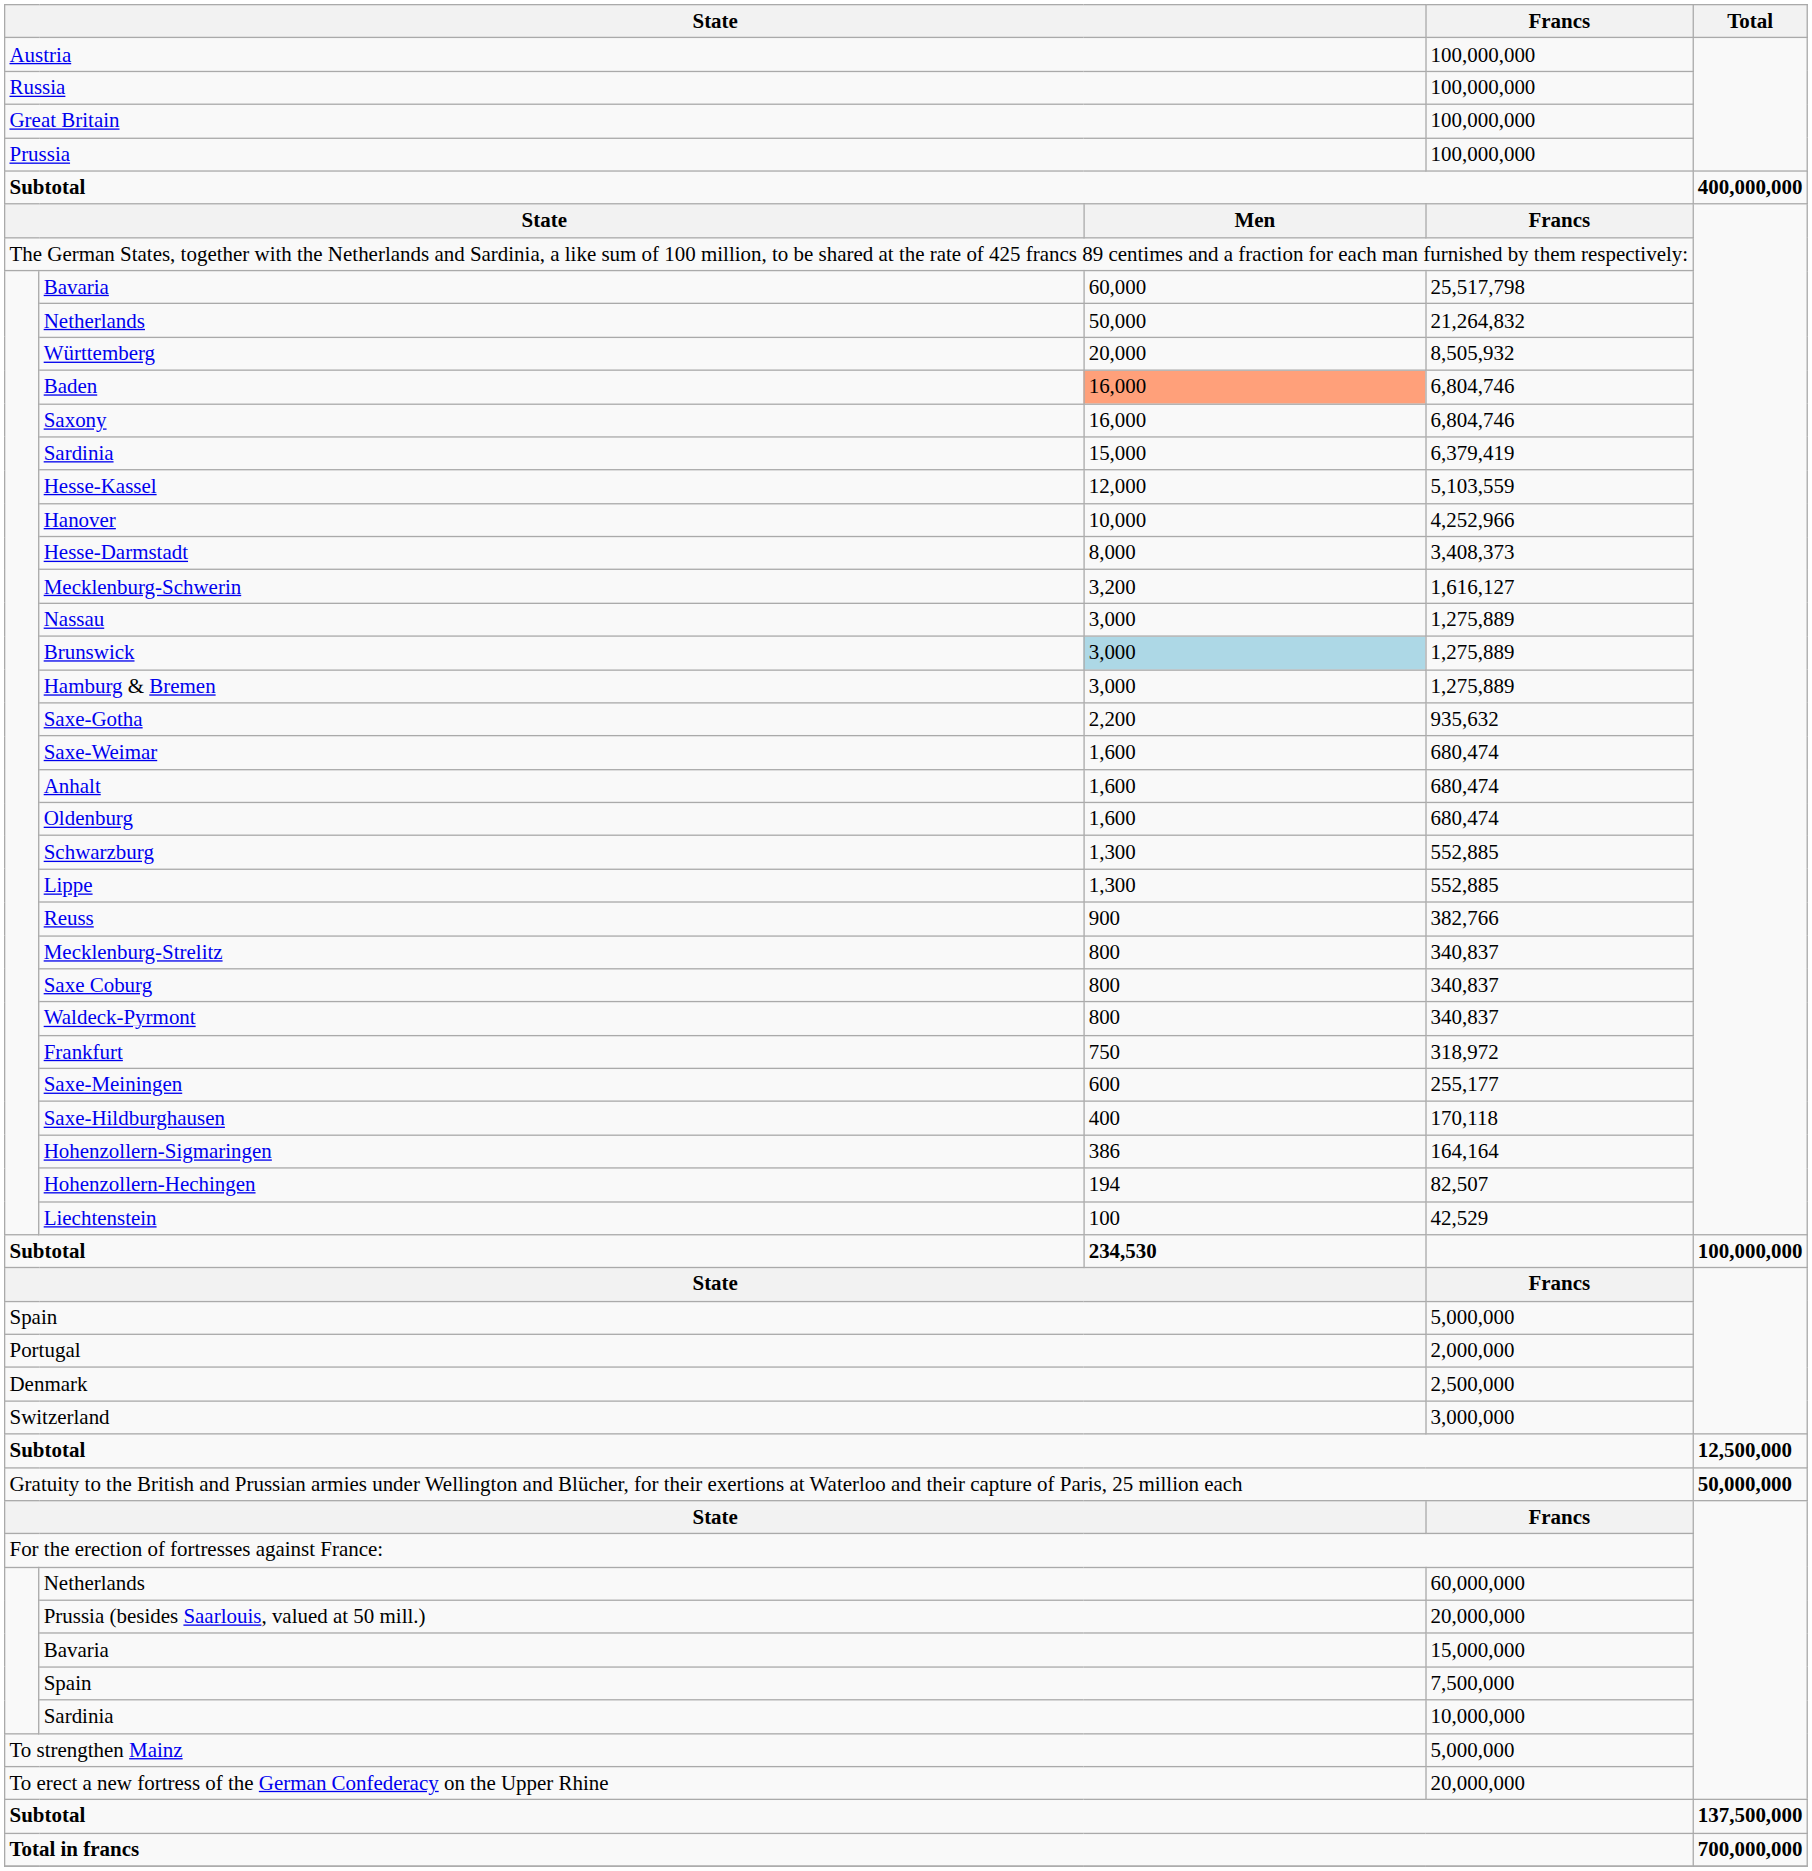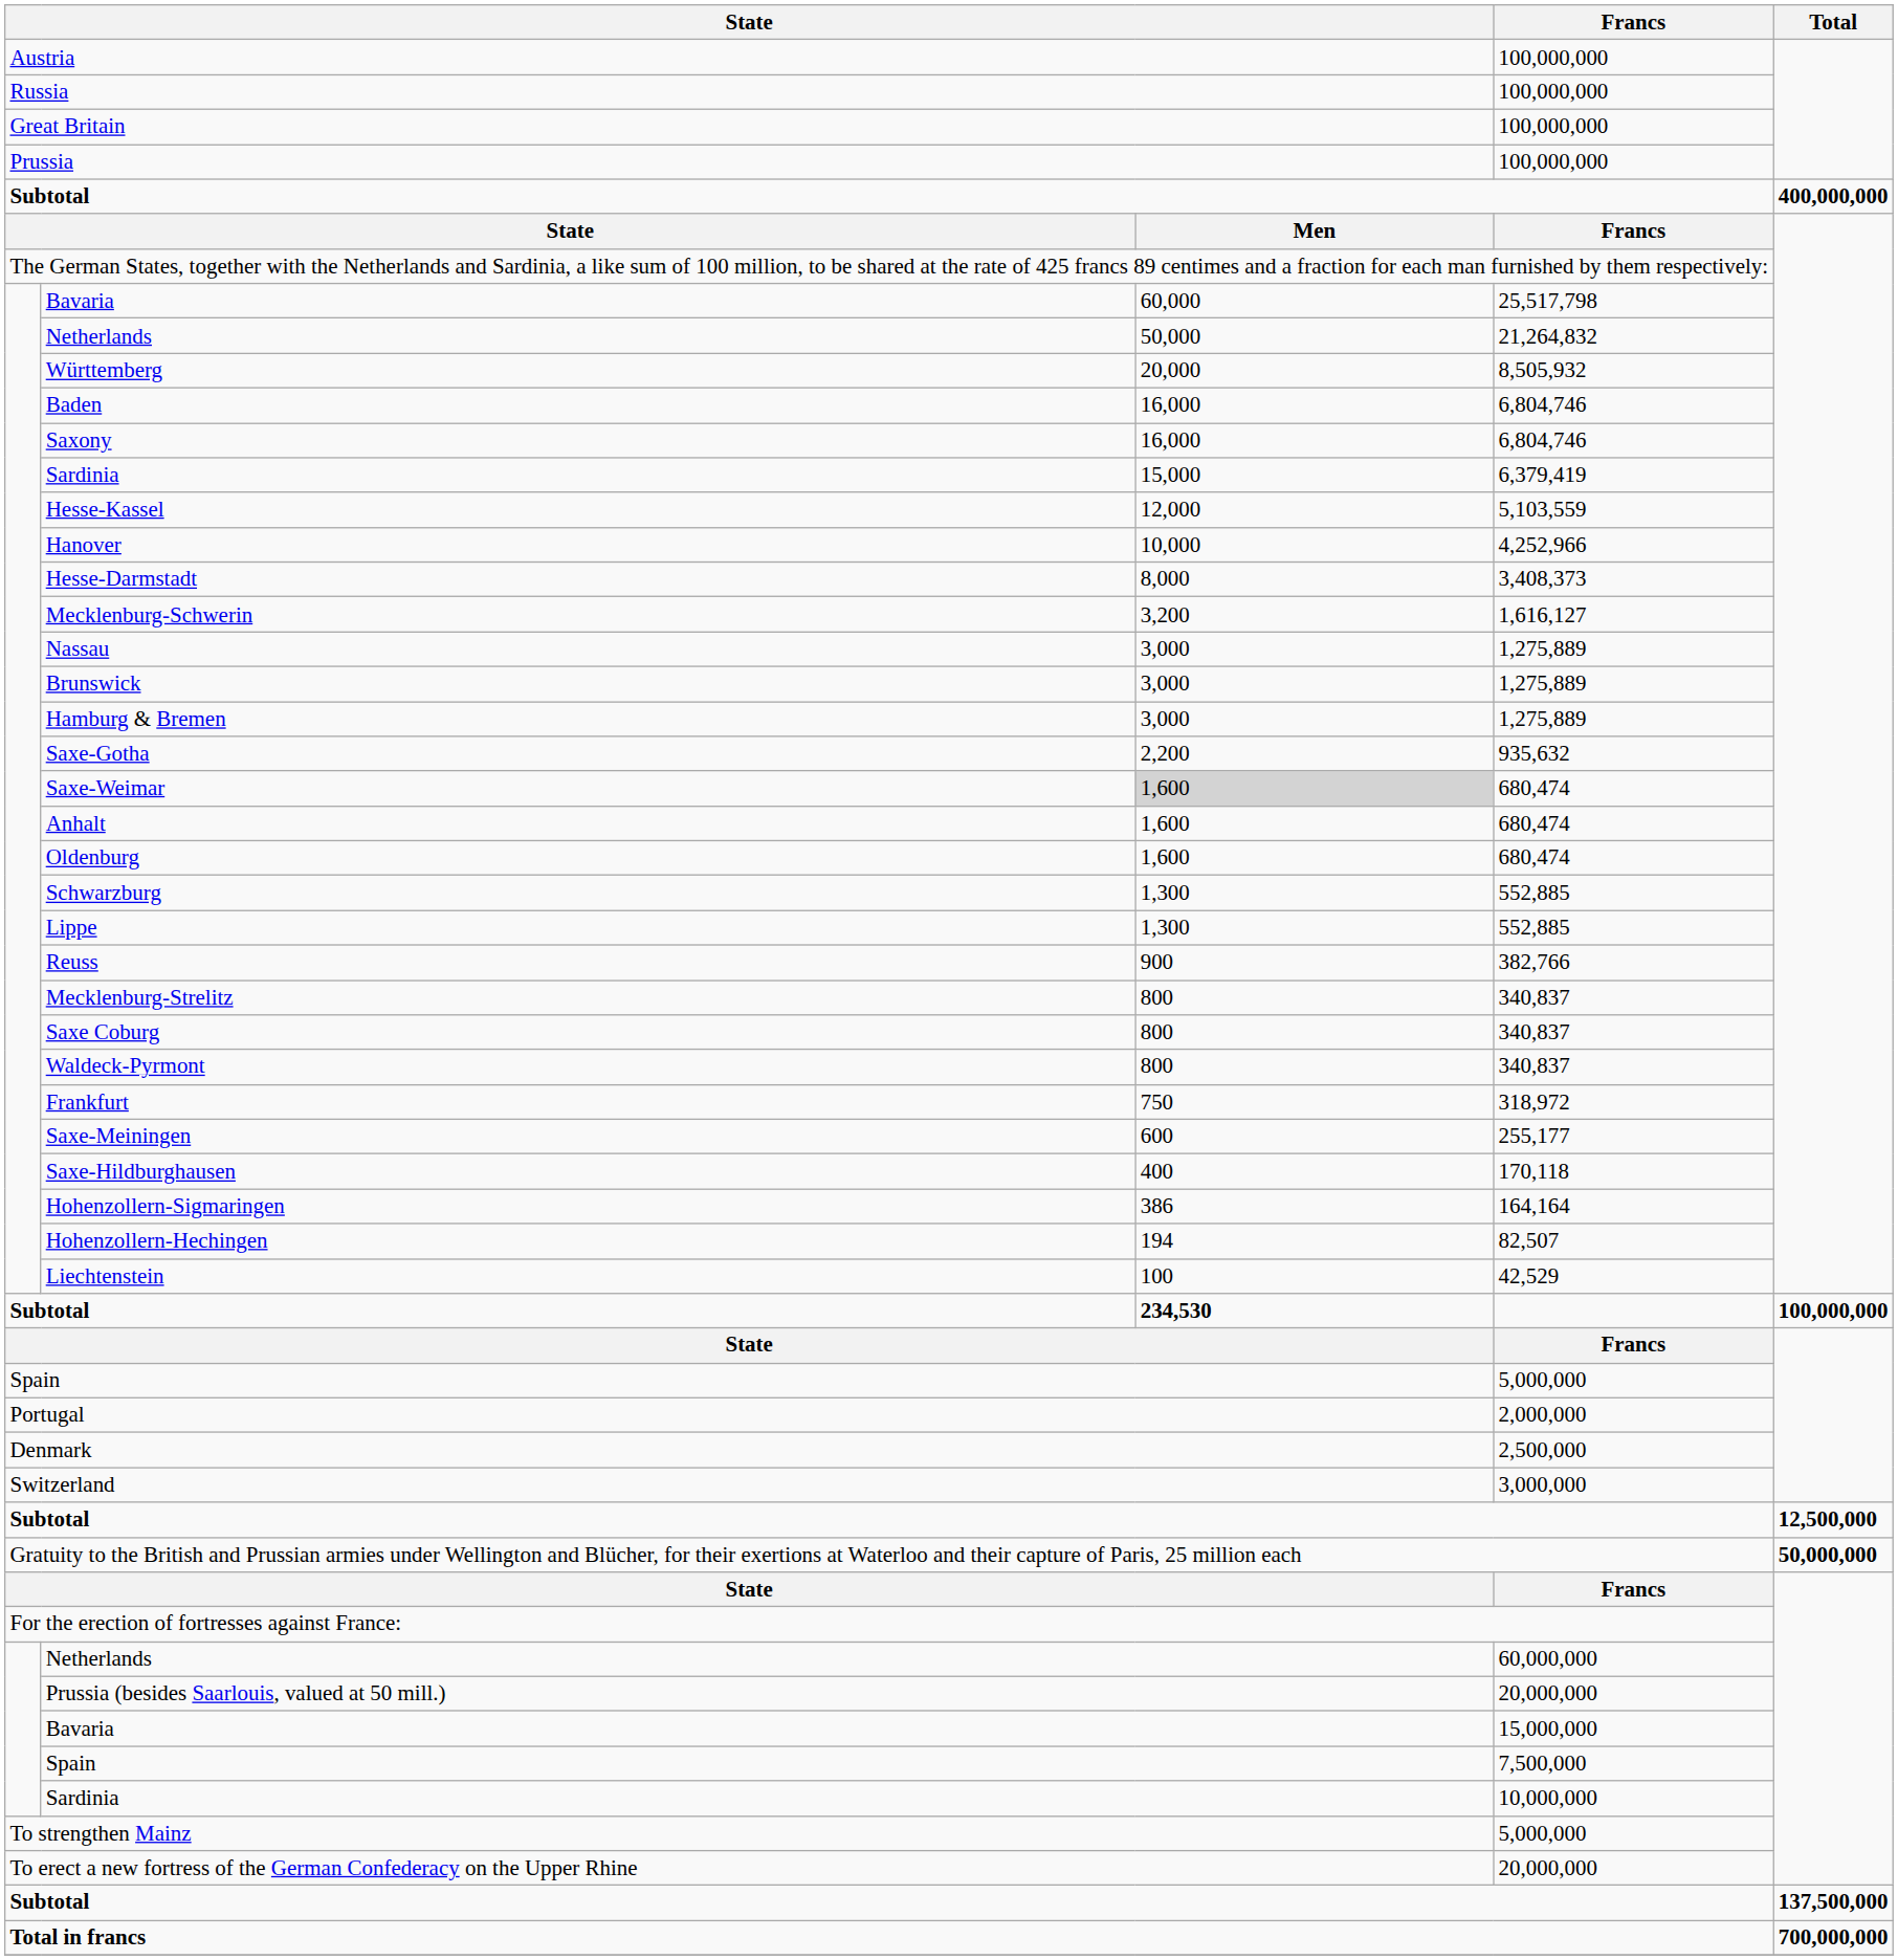 <table class="wikitable">
 <tr align="center">
 <th colspan="3">State</th>
 <th>Francs</th>
 <th>Total</th>
 </tr>
 <tr>
 <td colspan="3"><a href='#'>Austria</a></td>
 <td>100,000,000</td>
 </tr>
 <tr>
 <td colspan="3"><a href='#'>Russia</a></td>
 <td>100,000,000</td>
 </tr>
 <tr>
 <td colspan="3"><a href='#'>Great Britain</a></td>
 <td>100,000,000</td>
 </tr>
 <tr>
 <td colspan="3"><a href='#'>Prussia</a></td>
 <td>100,000,000</td>
 </tr>
 <tr>
 <td colspan="4"><strong>Subtotal</strong></td>
 <td><strong>400,000,000</strong></td>
 </tr>
 <tr>
 <th colspan="2">State</th>
 <th>Men</th>
 <th>Francs</th>
 </tr>
 <tr>
 <td colspan="4">The German States, together with the Netherlands and Sardinia, a like sum of 100 million, to be shared at the rate of 425 francs 89 centimes and a fraction for each man furnished by them respectively:</td>
 </tr>
 <tr>
 <td rowspan="29"></td>
 <td><a href='#'>Bavaria</a></td>
 <td>60,000</td>
 <td>25,517,798</td>
 </tr>
 <tr>
 <td><a href='#'>Netherlands</a></td>
 <td>50,000</td>
 <td>21,264,832</td>
 </tr>
 <tr>
 <td><a href='#'>Württemberg</a></td>
 <td>20,000</td>
 <td>8,505,932</td>
 </tr>
 <tr>
 <td><a href='#'>Baden</a></td>
-<td style="background: lightsalmon;">16,000</td>
+<td>16,000</td>
 <td>6,804,746</td>
 </tr>
 <tr>
 <td><a href='#'>Saxony</a></td>
 <td>16,000</td>
 <td>6,804,746</td>
 </tr>
 <tr>
 <td><a href='#'>Sardinia</a></td>
 <td>15,000</td>
 <td>6,379,419</td>
 </tr>
 <tr>
 <td><a href='#'>Hesse-Kassel</a></td>
 <td>12,000</td>
 <td>5,103,559</td>
 </tr>
 <tr>
 <td><a href='#'>Hanover</a></td>
 <td>10,000</td>
 <td>4,252,966</td>
 </tr>
 <tr>
 <td><a href='#'>Hesse-Darmstadt</a></td>
 <td>8,000</td>
 <td>3,408,373</td>
 </tr>
 <tr>
 <td><a href='#'>Mecklenburg-Schwerin</a></td>
 <td>3,200</td>
 <td>1,616,127</td>
 </tr>
 <tr>
 <td><a href='#'>Nassau</a></td>
 <td>3,000</td>
 <td>1,275,889</td>
 </tr>
 <tr>
 <td><a href='#'>Brunswick</a></td>
-<td style="background: lightblue;">3,000</td>
+<td>3,000</td>
 <td>1,275,889</td>
 </tr>
 <tr>
 <td><a href='#'>Hamburg</a> & <a href='#'>Bremen</a></td>
 <td>3,000</td>
 <td>1,275,889</td>
 </tr>
 <tr>
 <td><a href='#'>Saxe-Gotha</a></td>
 <td>2,200</td>
 <td>935,632</td>
 </tr>
 <tr>
 <td><a href='#'>Saxe-Weimar</a></td>
-<td>1,600</td>
+<td style="background: lightgrey;">1,600</td>
 <td>680,474</td>
 </tr>
 <tr>
 <td><a href='#'>Anhalt</a></td>
 <td>1,600</td>
 <td>680,474</td>
 </tr>
 <tr>
 <td><a href='#'>Oldenburg</a></td>
 <td>1,600</td>
 <td>680,474</td>
 </tr>
 <tr>
 <td><a href='#'>Schwarzburg</a></td>
 <td>1,300</td>
 <td>552,885</td>
 </tr>
 <tr>
 <td><a href='#'>Lippe</a></td>
 <td>1,300</td>
 <td>552,885</td>
 </tr>
 <tr>
 <td><a href='#'>Reuss</a></td>
 <td>900</td>
 <td>382,766</td>
 </tr>
 <tr>
 <td><a href='#'>Mecklenburg-Strelitz</a></td>
 <td>800</td>
 <td>340,837</td>
 </tr>
 <tr>
 <td><a href='#'>Saxe Coburg</a></td>
 <td>800</td>
 <td>340,837</td>
 </tr>
 <tr>
 <td><a href='#'>Waldeck-Pyrmont</a></td>
 <td>800</td>
 <td>340,837</td>
 </tr>
 <tr>
 <td><a href='#'>Frankfurt</a></td>
 <td>750</td>
 <td>318,972</td>
 </tr>
 <tr>
 <td><a href='#'>Saxe-Meiningen</a></td>
 <td>600</td>
 <td>255,177</td>
 </tr>
 <tr>
 <td><a href='#'>Saxe-Hildburghausen</a></td>
 <td>400</td>
 <td>170,118</td>
 </tr>
 <tr>
 <td><a href='#'>Hohenzollern-Sigmaringen</a></td>
 <td>386</td>
 <td>164,164</td>
 </tr>
 <tr>
 <td><a href='#'>Hohenzollern-Hechingen</a></td>
 <td>194</td>
 <td>82,507</td>
 </tr>
 <tr>
 <td><a href='#'>Liechtenstein</a></td>
 <td>100</td>
 <td>42,529</td>
 </tr>
 <tr>
 <td colspan="2"><strong>Subtotal</strong></td>
 <td><strong>234,530</strong></td>
 <td></td>
 <td><strong>100,000,000</strong></td>
 </tr>
 <tr>
 <th colspan="3">State</th>
 <th>Francs</th>
 </tr>
 <tr>
 <td colspan="3">Spain</td>
 <td>5,000,000</td>
 </tr>
 <tr>
 <td colspan="3">Portugal</td>
 <td>2,000,000</td>
 </tr>
 <tr>
 <td colspan="3">Denmark</td>
 <td>2,500,000</td>
 </tr>
 <tr>
 <td colspan="3">Switzerland</td>
 <td>3,000,000</td>
 </tr>
 <tr>
 <td colspan="4"><strong>Subtotal</strong></td>
 <td><strong>12,500,000</strong></td>
 </tr>
 <tr>
 <td colspan="4">Gratuity to the British and Prussian armies under Wellington and Blücher, for their exertions at Waterloo and their capture of Paris, 25 million each</td>
 <td><strong>50,000,000</strong></td>
 </tr>
 <tr>
 <th colspan="3">State</th>
 <th>Francs</th>
 </tr>
 <tr>
 <td colspan="4">For the erection of fortresses against France:</td>
 </tr>
 <tr>
 <td rowspan=5></td>
 <td colspan="2">Netherlands</td>
 <td>60,000,000</td>
 </tr>
 <tr>
 <td colspan="2">Prussia (besides <a href='#'>Saarlouis</a>, valued at 50 mill.)</td>
 <td>20,000,000</td>
 </tr>
 <tr>
 <td colspan="2">Bavaria</td>
 <td>15,000,000</td>
 </tr>
 <tr>
 <td colspan="2">Spain</td>
 <td>7,500,000</td>
 </tr>
 <tr>
 <td colspan="2">Sardinia</td>
 <td>10,000,000</td>
 </tr>
 <tr>
 <td colspan="3">To strengthen <a href='#'>Mainz</a></td>
 <td>5,000,000</td>
 </tr>
 <tr>
 <td colspan="3">To erect a new fortress of the <a href='#'>German Confederacy</a> on the Upper Rhine</td>
 <td>20,000,000</td>
 </tr>
 <tr>
 <td colspan="4"><strong>Subtotal</strong></td>
 <td><strong>137,500,000</strong></td>
 </tr>
 <tr>
 <td colspan="4"><strong>Total in francs</strong></td>
 <td><strong>700,000,000</strong></td>
 </tr>
 <tr>
 </tr>
 </table>
